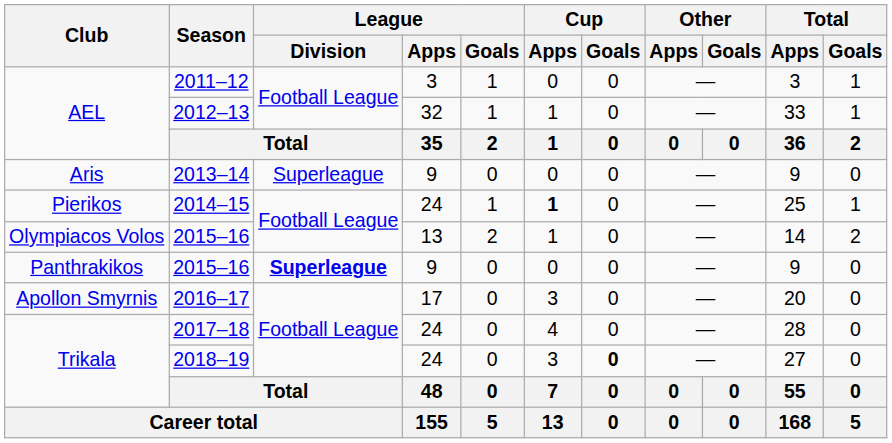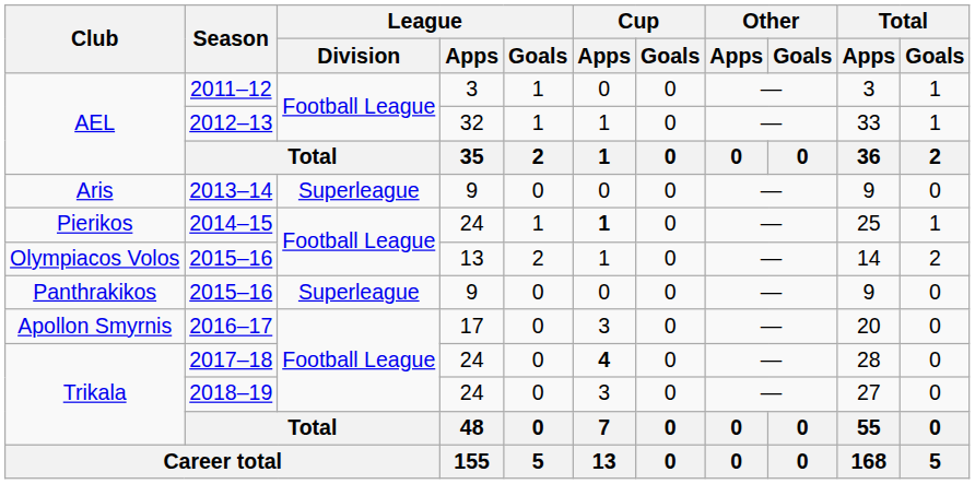 <table class="wikitable" style="text-align: center;">
 <tr>
 <th rowspan="2">Club</th>
 <th rowspan="2">Season</th>
 <th colspan="3">League</th>
 <th colspan="2">Cup</th>
 <th colspan="2">Other</th>
 <th colspan="2">Total</th>
 </tr>
 <tr>
 <th>Division</th>
 <th>Apps</th>
 <th>Goals</th>
 <th>Apps</th>
 <th>Goals</th>
 <th>Apps</th>
 <th>Goals</th>
 <th>Apps</th>
 <th>Goals</th>
 </tr>
 <tr>
 <td rowspan="3"><a href='#'>AEL</a></td>
 <td><a href='#'>2011–12</a></td>
 <td rowspan="2"><a href='#'>Football League</a></td>
 <td>3</td>
 <td>1</td>
 <td>0</td>
 <td>0</td>
 <td colspan="2">—</td>
 <td>3</td>
 <td>1</td>
 </tr>
 <tr>
 <td><a href='#'>2012–13</a></td>
 <td>32</td>
 <td>1</td>
 <td>1</td>
 <td>0</td>
 <td colspan="2">—</td>
 <td>33</td>
 <td>1</td>
 </tr>
 <tr>
 <th colspan="2">Total</th>
 <th>35</th>
 <th>2</th>
 <th>1</th>
 <th>0</th>
 <th>0</th>
 <th>0</th>
 <th>36</th>
 <th>2</th>
 </tr>
 <tr>
 <td><a href='#'>Aris</a></td>
 <td><a href='#'>2013–14</a></td>
 <td><a href='#'>Superleague</a></td>
 <td>9</td>
 <td>0</td>
 <td>0</td>
 <td>0</td>
 <td colspan="2">—</td>
 <td>9</td>
 <td>0</td>
 </tr>
 <tr>
 <td><a href='#'>Pierikos</a></td>
 <td><a href='#'>2014–15</a></td>
 <td rowspan="2"><a href='#'>Football League</a></td>
 <td>24</td>
 <td>1</td>
 <td><strong>1</strong></td>
 <td>0</td>
 <td colspan="2">—</td>
 <td>25</td>
 <td>1</td>
 </tr>
 <tr>
 <td><a href='#'>Olympiacos Volos</a></td>
 <td><a href='#'>2015–16</a></td>
 <td>13</td>
 <td>2</td>
 <td>1</td>
 <td>0</td>
 <td colspan="2">—</td>
 <td>14</td>
 <td>2</td>
 </tr>
 <tr>
 <td><a href='#'>Panthrakikos</a></td>
 <td><a href='#'>2015–16</a></td>
-<td><strong><a href='#'>Superleague</a></strong></td>
+<td><a href='#'>Superleague</a></td>
 <td>9</td>
 <td>0</td>
 <td>0</td>
 <td>0</td>
 <td colspan="2">—</td>
 <td>9</td>
 <td>0</td>
 </tr>
 <tr>
 <td><a href='#'>Apollon Smyrnis</a></td>
 <td><a href='#'>2016–17</a></td>
 <td rowspan="3"><a href='#'>Football League</a></td>
 <td>17</td>
 <td>0</td>
 <td>3</td>
 <td>0</td>
 <td colspan="2">—</td>
 <td>20</td>
 <td>0</td>
 </tr>
 <tr>
 <td rowspan="3"><a href='#'>Trikala</a></td>
 <td><a href='#'>2017–18</a></td>
 <td>24</td>
 <td>0</td>
-<td>4</td>
+<td><strong>4</strong></td>
 <td>0</td>
 <td colspan="2">—</td>
 <td>28</td>
 <td>0</td>
 </tr>
 <tr>
 <td><a href='#'>2018–19</a></td>
 <td>24</td>
 <td>0</td>
 <td>3</td>
-<td><strong>0</strong></td>
+<td>0</td>
 <td colspan="2">—</td>
 <td>27</td>
 <td>0</td>
 </tr>
 <tr>
 <th colspan="2">Total</th>
 <th>48</th>
 <th>0</th>
 <th>7</th>
 <th>0</th>
 <th>0</th>
 <th>0</th>
 <th>55</th>
 <th>0</th>
 </tr>
 <tr>
 <th colspan="3">Career total</th>
 <th>155</th>
 <th>5</th>
 <th>13</th>
 <th>0</th>
 <th>0</th>
 <th>0</th>
 <th>168</th>
 <th>5</th>
 </tr>
 </table>
